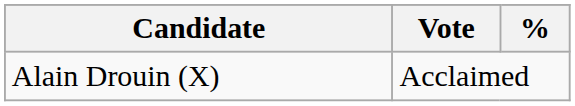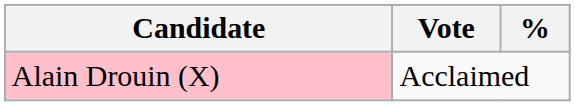 <table class="wikitable">
 <tr>
 <th bgcolor="#DDDDFF" width="200px">Candidate</th>
 <th bgcolor="#DDDDFF" width="50px">Vote</th>
 <th bgcolor="#DDDDFF" width="30px">%</th>
 </tr>
 <tr>
-<td>Alain Drouin (X)</td>
+<td style="background: pink;">Alain Drouin (X)</td>
 <td colspan="2">Acclaimed</td>
 </tr>
 </table>
